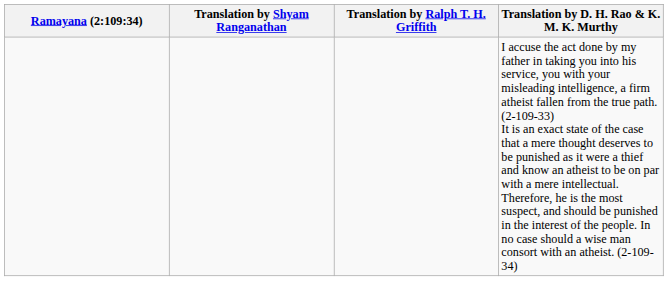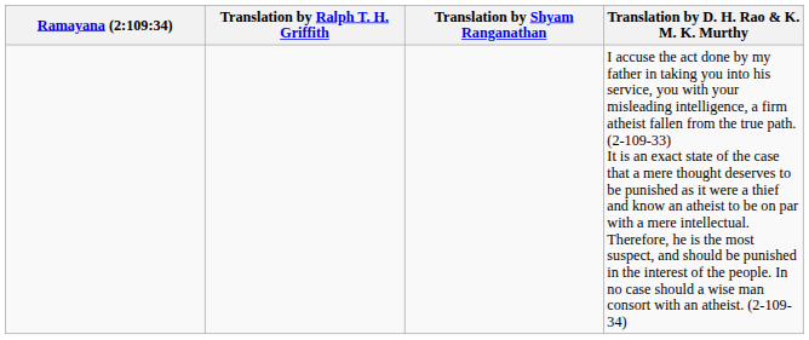 <table class="wikitable">
 <tr>
 <th style="width: 25%"><a href='#'>Ramayana</a> (2:109:34)</th>
+<th style="width: 25%">Translation by <a href='#'>Ralph T. H. Griffith</a></th>
 <th style="width: 25%">Translation by <a href='#'>Shyam Ranganathan</a></th>
-<th style="width: 25%">Translation by <a href='#'>Ralph T. H. Griffith</a></th>
 <th style="width: 25%">Translation by D. H. Rao & K. M. K. Murthy</th>
 </tr>
 <tr>
 <td></td>
 <td></td>
 <td></td>
 <td>I accuse the act done by my father in taking you into his service, you with your misleading intelligence, a firm atheist fallen from the true path. (2-109-33)<br>It is an exact state of the case that a mere thought deserves to be punished as it were a thief and know an atheist to be on par with a mere intellectual. Therefore, he is the most suspect, and should be punished in the interest of the people. In no case should a wise man consort with an atheist. (2-109-34)</td>
 </tr>
 </table>
